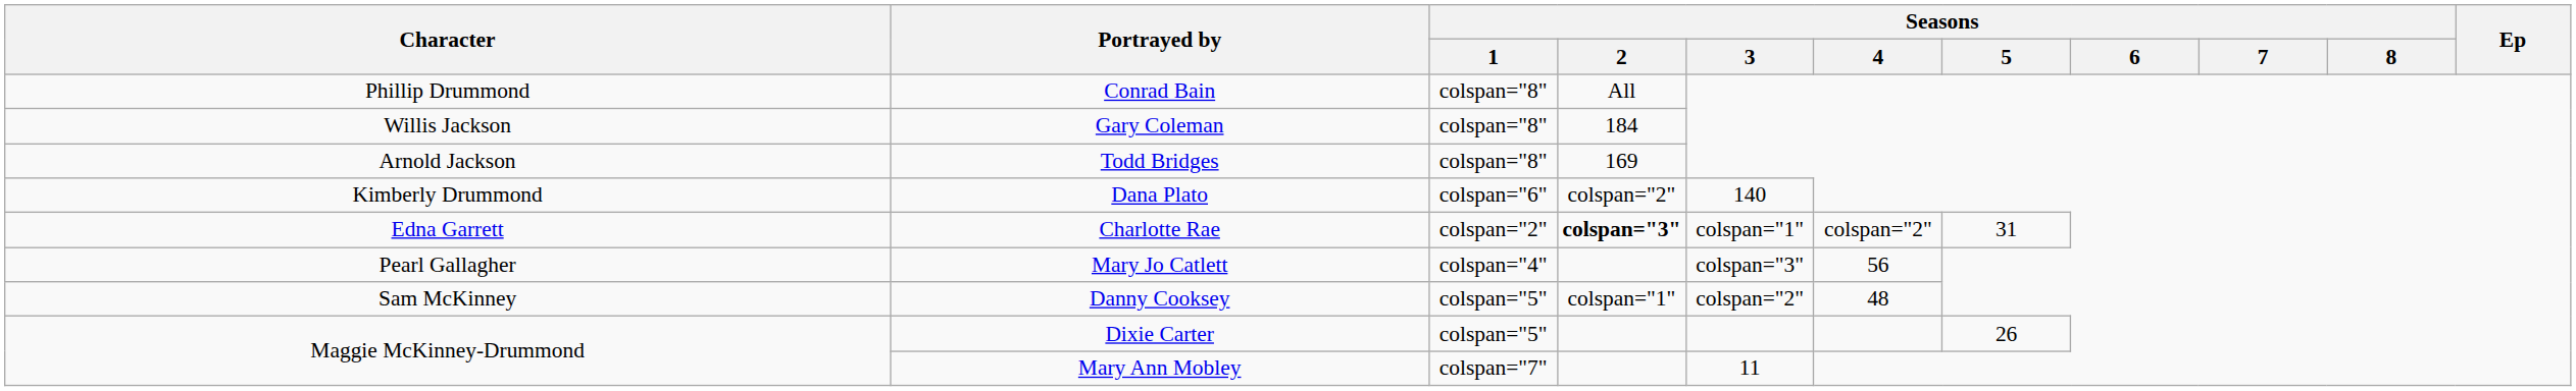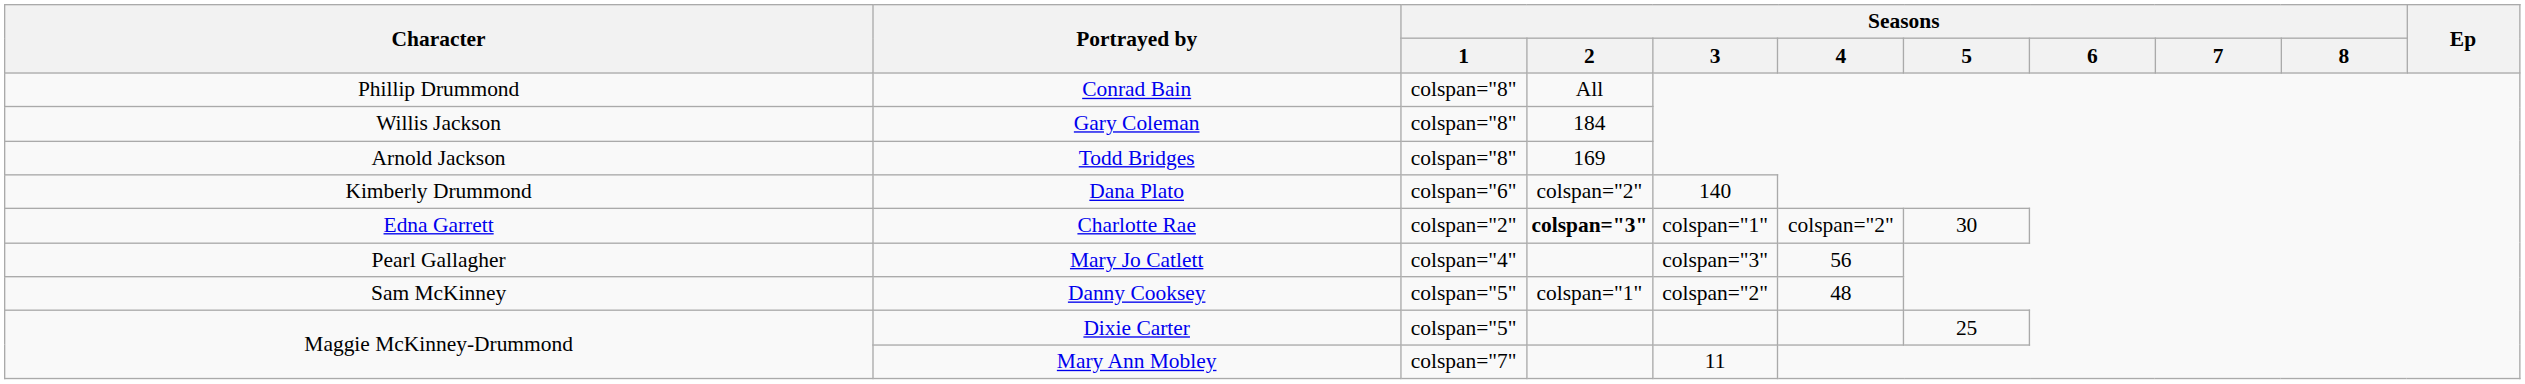 <table class="wikitable plainrowheaders" style="text-align:center">
 <tr>
 <th scope="col" rowspan="2">Character</th>
 <th scope="col" rowspan="2">Portrayed by</th>
 <th scope="col" colspan="8">Seasons</th>
 <th scope="col" rowspan="2">Ep</th>
 </tr>
 <tr>
 <th scope="col" style="width:5%;">1</th>
 <th scope="col" style="width:5%;">2</th>
 <th scope="col" style="width:5%;">3</th>
 <th scope="col" style="width:5%;">4</th>
 <th scope="col" style="width:5%;">5</th>
 <th scope="col" style="width:5%;">6</th>
 <th scope="col" style="width:5%;">7</th>
 <th scope="col" style="width:5%;">8</th>
 </tr>
 <tr>
 <td>Phillip Drummond</td>
 <td><a href='#'>Conrad Bain</a></td>
 <td>colspan="8" </td>
 <td>All</td>
 </tr>
 <tr>
 <td>Willis Jackson</td>
 <td><a href='#'>Gary Coleman</a></td>
 <td>colspan="8" </td>
 <td>184</td>
 </tr>
 <tr>
 <td>Arnold Jackson</td>
 <td><a href='#'>Todd Bridges</a></td>
 <td>colspan="8" </td>
 <td>169</td>
 </tr>
 <tr>
 <td>Kimberly Drummond</td>
 <td><a href='#'>Dana Plato</a></td>
 <td>colspan="6" </td>
 <td>colspan="2" </td>
 <td>140</td>
 </tr>
 <tr>
 <td><a href='#'>Edna Garrett</a></td>
 <td><a href='#'>Charlotte Rae</a></td>
 <td>colspan="2" </td>
 <td><strong>colspan="3" </strong></td>
 <td>colspan="1" </td>
 <td>colspan="2" </td>
-<td>31</td>
+<td>30</td>
 </tr>
 <tr>
 <td>Pearl Gallagher</td>
 <td><a href='#'>Mary Jo Catlett</a></td>
 <td>colspan="4" </td>
 <td></td>
 <td>colspan="3" </td>
 <td>56</td>
 </tr>
 <tr>
 <td>Sam McKinney</td>
 <td><a href='#'>Danny Cooksey</a></td>
 <td>colspan="5" </td>
 <td>colspan="1" </td>
 <td>colspan="2" </td>
 <td>48</td>
 </tr>
 <tr>
 <td rowspan="2">Maggie McKinney-Drummond</td>
 <td><a href='#'>Dixie Carter</a></td>
 <td>colspan="5"</td>
 <td></td>
 <td></td>
 <td></td>
-<td>26</td>
+<td>25</td>
 </tr>
 <tr>
 <td><a href='#'>Mary Ann Mobley</a></td>
 <td>colspan="7" </td>
 <td></td>
 <td>11</td>
 </tr>
 </table>
